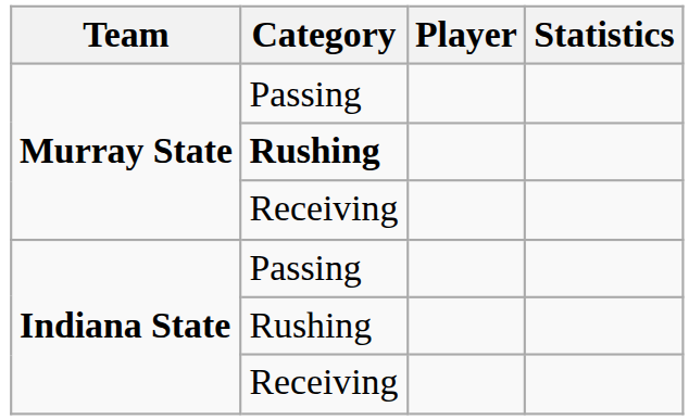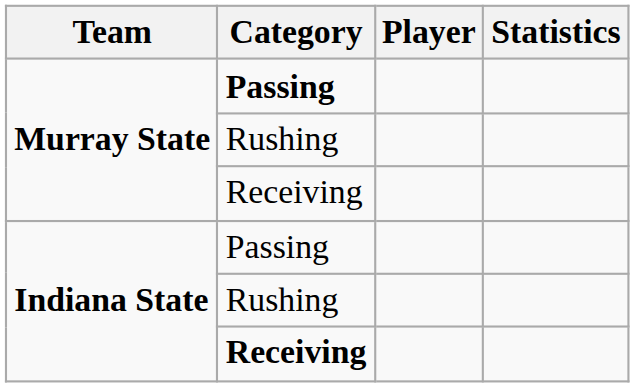 <table class="wikitable" style="float: right;">
 <tr>
 <th>Team</th>
 <th>Category</th>
 <th>Player</th>
 <th>Statistics</th>
 </tr>
 <tr>
 <td rowspan=3><strong>Murray State</strong></td>
-<td>Passing</td>
+<td><strong>Passing</strong></td>
 <td></td>
 <td></td>
 </tr>
 <tr>
-<td><strong>Rushing</strong></td>
+<td>Rushing</td>
 <td></td>
 <td></td>
 </tr>
 <tr>
 <td>Receiving</td>
 <td></td>
 <td></td>
 </tr>
 <tr>
 <td rowspan=3><strong>Indiana State</strong></td>
 <td>Passing</td>
 <td></td>
 <td></td>
 </tr>
 <tr>
 <td>Rushing</td>
 <td></td>
 <td></td>
 </tr>
 <tr>
-<td>Receiving</td>
+<td><strong>Receiving</strong></td>
 <td></td>
 <td></td>
 </tr>
 </table>
